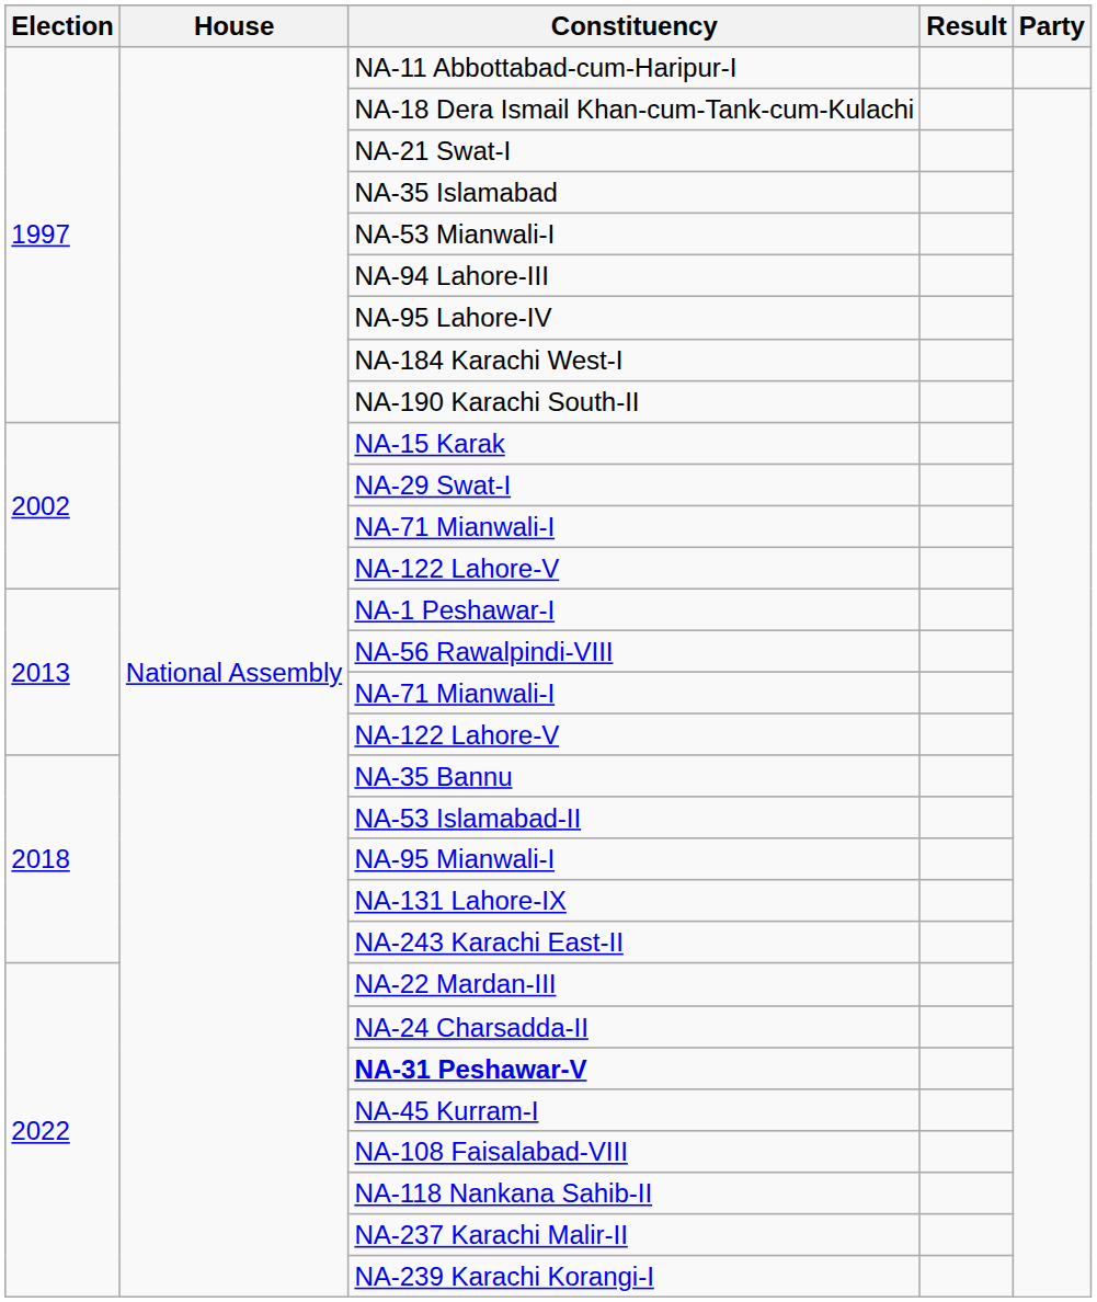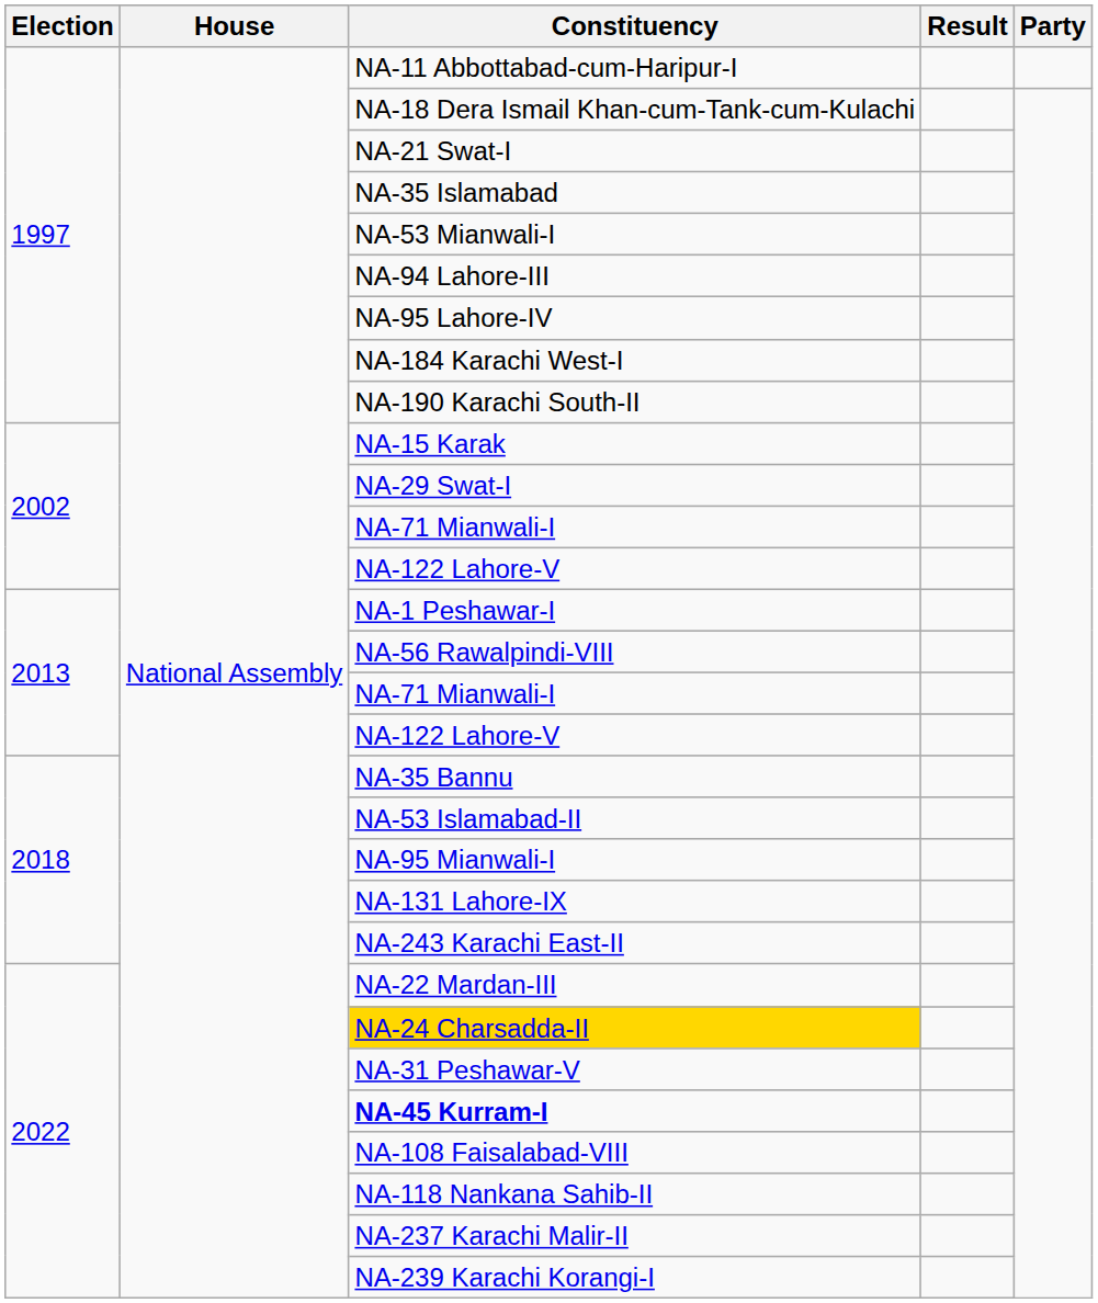 <table class="wikitable"style="font-size:95%; text-align:left;">
 <tr style="background:#efefef;">
 <th>Election</th>
 <th>House</th>
 <th>Constituency</th>
 <th>Result</th>
 <th colspan="2">Party</th>
 </tr>
 <tr>
 <td rowspan="9"><a href='#'>1997</a></td>
 <td rowspan="30"><a href='#'>National Assembly</a></td>
 <td>NA-11 Abbottabad-cum-Haripur-I</td>
 <td></td>
 <td></td>
 </tr>
 <tr>
 <td>NA-18 Dera Ismail Khan-cum-Tank-cum-Kulachi</td>
 <td></td>
 </tr>
 <tr>
 <td>NA-21 Swat-I</td>
 <td></td>
 </tr>
 <tr>
 <td>NA-35 Islamabad</td>
 <td></td>
 </tr>
 <tr>
 <td>NA-53 Mianwali-I</td>
 <td></td>
 </tr>
 <tr>
 <td>NA-94 Lahore-III</td>
 <td></td>
 </tr>
 <tr>
 <td>NA-95 Lahore-IV</td>
 <td></td>
 </tr>
 <tr>
 <td>NA-184 Karachi West-I</td>
 <td></td>
 </tr>
 <tr>
 <td>NA-190 Karachi South-II</td>
 <td></td>
 </tr>
 <tr>
 <td rowspan="4"><a href='#'>2002</a></td>
 <td><a href='#'>NA-15 Karak</a></td>
 <td></td>
 </tr>
 <tr>
 <td><a href='#'>NA-29 Swat-I</a></td>
 <td></td>
 </tr>
 <tr>
 <td><a href='#'>NA-71 Mianwali-I</a></td>
 <td></td>
 </tr>
 <tr>
 <td><a href='#'>NA-122 Lahore-V</a></td>
 <td></td>
 </tr>
 <tr>
 <td rowspan="4"><a href='#'>2013</a></td>
 <td><a href='#'>NA-1 Peshawar-I</a></td>
 <td></td>
 </tr>
 <tr>
 <td><a href='#'>NA-56 Rawalpindi-VIII</a></td>
 <td></td>
 </tr>
 <tr>
 <td><a href='#'>NA-71 Mianwali-I</a></td>
 <td></td>
 </tr>
 <tr>
 <td><a href='#'>NA-122 Lahore-V</a></td>
 <td></td>
 </tr>
 <tr>
 <td rowspan="5"><a href='#'>2018</a></td>
 <td><a href='#'>NA-35 Bannu</a></td>
 <td></td>
 </tr>
 <tr>
 <td><a href='#'>NA-53 Islamabad-II</a></td>
 <td></td>
 </tr>
 <tr>
 <td><a href='#'>NA-95 Mianwali-I</a></td>
 <td></td>
 </tr>
 <tr>
 <td><a href='#'>NA-131 Lahore-IX</a></td>
 <td></td>
 </tr>
 <tr>
 <td><a href='#'>NA-243 Karachi East-II</a></td>
 <td></td>
 </tr>
 <tr>
 <td rowspan="8"><a href='#'>2022</a></td>
 <td><a href='#'>NA-22 Mardan-III</a></td>
 <td></td>
 </tr>
 <tr>
-<td><a href='#'>NA-24 Charsadda-II</a></td>
+<td style="background: gold;"><a href='#'>NA-24 Charsadda-II</a></td>
 <td></td>
 </tr>
 <tr>
-<td><strong><a href='#'>NA-31 Peshawar-V</a></strong></td>
+<td><a href='#'>NA-31 Peshawar-V</a></td>
 <td></td>
 </tr>
 <tr>
-<td><a href='#'>NA-45 Kurram-I</a></td>
+<td><strong><a href='#'>NA-45 Kurram-I</a></strong></td>
 <td></td>
 </tr>
 <tr>
 <td><a href='#'>NA-108 Faisalabad-VIII</a></td>
 <td></td>
 </tr>
 <tr>
 <td><a href='#'>NA-118 Nankana Sahib-II</a></td>
 <td></td>
 </tr>
 <tr>
 <td><a href='#'>NA-237 Karachi Malir-II</a></td>
 <td></td>
 </tr>
 <tr>
 <td><a href='#'>NA-239 Karachi Korangi-I</a></td>
 <td></td>
 </tr>
 <tr>
 </tr>
 </table>
